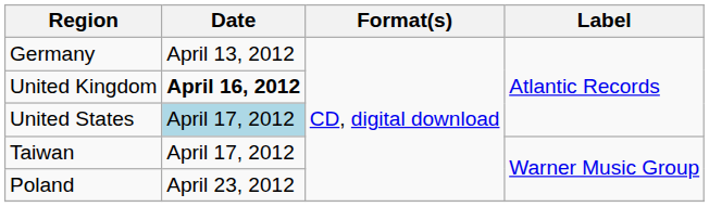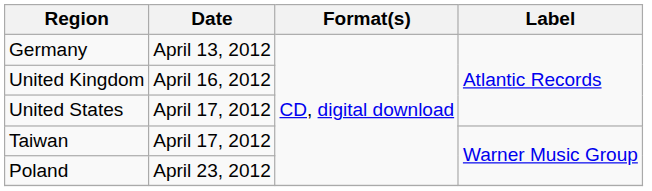 <table class="wikitable plainrowheaders">
 <tr>
 <th scope="col">Region</th>
 <th scope="col">Date</th>
 <th scope="col">Format(s)</th>
 <th scope="col">Label</th>
 </tr>
 <tr>
 <td>Germany</td>
 <td>April 13, 2012</td>
 <td rowspan="5"><a href='#'>CD</a>, <a href='#'>digital download</a></td>
 <td rowspan="3"><a href='#'>Atlantic Records</a></td>
 </tr>
 <tr>
 <td>United Kingdom</td>
-<td><strong>April 16, 2012</strong></td>
+<td>April 16, 2012</td>
 </tr>
 <tr>
 <td>United States</td>
-<td style="background: lightblue;">April 17, 2012</td>
+<td>April 17, 2012</td>
 </tr>
 <tr>
 <td>Taiwan</td>
 <td>April 17, 2012</td>
 <td rowspan="2"><a href='#'>Warner Music Group</a></td>
 </tr>
 <tr>
 <td>Poland</td>
 <td>April 23, 2012</td>
 </tr>
 <tr>
 </tr>
 </table>
